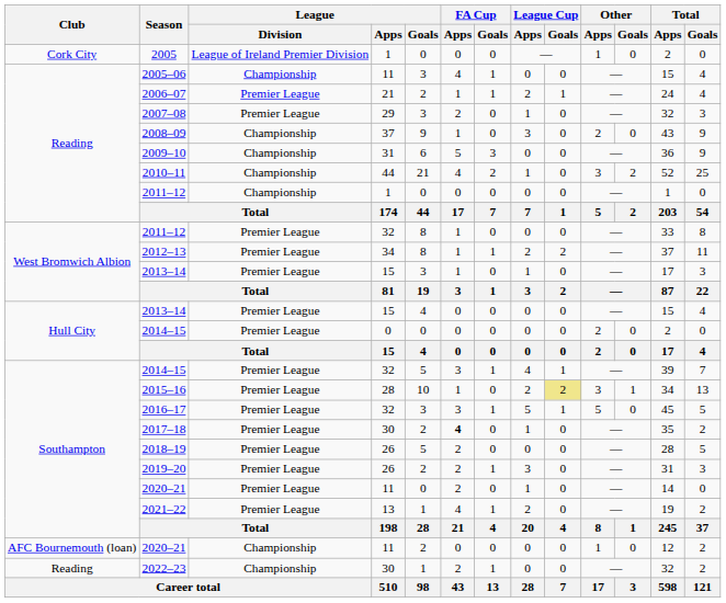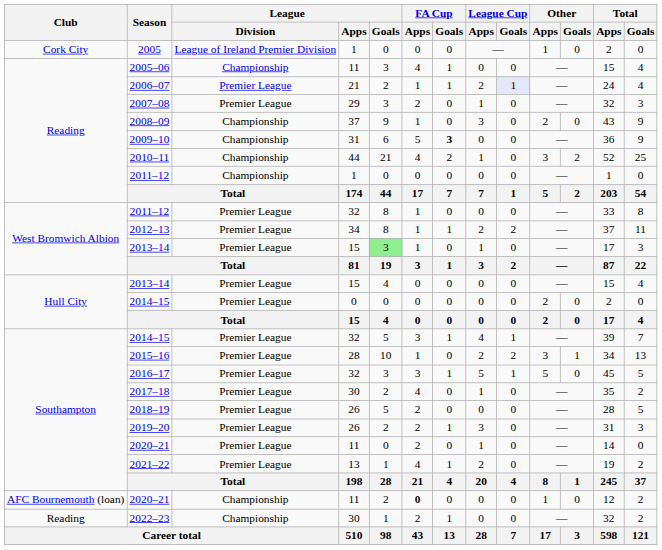 <table class="wikitable" style="text-align:center">
 <tr>
 <th rowspan="2">Club</th>
 <th rowspan="2">Season</th>
 <th colspan="3">League</th>
 <th colspan="2"><a href='#'>FA Cup</a></th>
 <th colspan="2"><a href='#'>League Cup</a></th>
 <th colspan="2">Other</th>
 <th colspan="2">Total</th>
 </tr>
 <tr>
 <th>Division</th>
 <th>Apps</th>
 <th>Goals</th>
 <th>Apps</th>
 <th>Goals</th>
 <th>Apps</th>
 <th>Goals</th>
 <th>Apps</th>
 <th>Goals</th>
 <th>Apps</th>
 <th>Goals</th>
 </tr>
 <tr>
 <td><a href='#'>Cork City</a></td>
 <td><a href='#'>2005</a></td>
 <td><a href='#'>League of Ireland Premier Division</a></td>
 <td>1</td>
 <td>0</td>
 <td>0</td>
 <td>0</td>
 <td colspan="2">—</td>
 <td>1</td>
 <td>0</td>
 <td>2</td>
 <td>0</td>
 </tr>
 <tr>
 <td rowspan="8"><a href='#'>Reading</a></td>
 <td><a href='#'>2005–06</a></td>
 <td><a href='#'>Championship</a></td>
 <td>11</td>
 <td>3</td>
 <td>4</td>
 <td>1</td>
 <td>0</td>
 <td>0</td>
 <td colspan="2">—</td>
 <td>15</td>
 <td>4</td>
 </tr>
 <tr>
 <td><a href='#'>2006–07</a></td>
 <td><a href='#'>Premier League</a></td>
 <td>21</td>
 <td>2</td>
 <td>1</td>
 <td>1</td>
 <td>2</td>
-<td>1</td>
+<td style="background: lavender;">1</td>
 <td colspan="2">—</td>
 <td>24</td>
 <td>4</td>
 </tr>
 <tr>
 <td><a href='#'>2007–08</a></td>
 <td>Premier League</td>
 <td>29</td>
 <td>3</td>
 <td>2</td>
 <td>0</td>
 <td>1</td>
 <td>0</td>
 <td colspan="2">—</td>
 <td>32</td>
 <td>3</td>
 </tr>
 <tr>
 <td><a href='#'>2008–09</a></td>
 <td>Championship</td>
 <td>37</td>
 <td>9</td>
 <td>1</td>
 <td>0</td>
 <td>3</td>
 <td>0</td>
 <td>2</td>
 <td>0</td>
 <td>43</td>
 <td>9</td>
 </tr>
 <tr>
 <td><a href='#'>2009–10</a></td>
 <td>Championship</td>
 <td>31</td>
 <td>6</td>
 <td>5</td>
-<td>3</td>
+<td><strong>3</strong></td>
 <td>0</td>
 <td>0</td>
 <td colspan="2">—</td>
 <td>36</td>
 <td>9</td>
 </tr>
 <tr>
 <td><a href='#'>2010–11</a></td>
 <td>Championship</td>
 <td>44</td>
 <td>21</td>
 <td>4</td>
 <td>2</td>
 <td>1</td>
 <td>0</td>
 <td>3</td>
 <td>2</td>
 <td>52</td>
 <td>25</td>
 </tr>
 <tr>
 <td><a href='#'>2011–12</a></td>
 <td>Championship</td>
 <td>1</td>
 <td>0</td>
 <td>0</td>
 <td>0</td>
 <td>0</td>
 <td>0</td>
 <td colspan="2">—</td>
 <td>1</td>
 <td>0</td>
 </tr>
 <tr>
 <th colspan="2">Total</th>
 <th>174</th>
 <th>44</th>
 <th>17</th>
 <th>7</th>
 <th>7</th>
 <th>1</th>
 <th>5</th>
 <th>2</th>
 <th>203</th>
 <th>54</th>
 </tr>
 <tr>
 <td rowspan="4"><a href='#'>West Bromwich Albion</a></td>
 <td><a href='#'>2011–12</a></td>
 <td>Premier League</td>
 <td>32</td>
 <td>8</td>
 <td>1</td>
 <td>0</td>
 <td>0</td>
 <td>0</td>
 <td colspan="2">—</td>
 <td>33</td>
 <td>8</td>
 </tr>
 <tr>
 <td><a href='#'>2012–13</a></td>
 <td>Premier League</td>
 <td>34</td>
 <td>8</td>
 <td>1</td>
 <td>1</td>
 <td>2</td>
 <td>2</td>
 <td colspan="2">—</td>
 <td>37</td>
 <td>11</td>
 </tr>
 <tr>
 <td><a href='#'>2013–14</a></td>
 <td>Premier League</td>
 <td>15</td>
-<td>3</td>
+<td style="background: lightgreen;">3</td>
 <td>1</td>
 <td>0</td>
 <td>1</td>
 <td>0</td>
 <td colspan="2">—</td>
 <td>17</td>
 <td>3</td>
 </tr>
 <tr>
 <th colspan="2">Total</th>
 <th>81</th>
 <th>19</th>
 <th>3</th>
 <th>1</th>
 <th>3</th>
 <th>2</th>
 <th colspan="2">—</th>
 <th>87</th>
 <th>22</th>
 </tr>
 <tr>
 <td rowspan="3"><a href='#'>Hull City</a></td>
 <td><a href='#'>2013–14</a></td>
 <td>Premier League</td>
 <td>15</td>
 <td>4</td>
 <td>0</td>
 <td>0</td>
 <td>0</td>
 <td>0</td>
 <td colspan="2">—</td>
 <td>15</td>
 <td>4</td>
 </tr>
 <tr>
 <td><a href='#'>2014–15</a></td>
 <td>Premier League</td>
 <td>0</td>
 <td>0</td>
 <td>0</td>
 <td>0</td>
 <td>0</td>
 <td>0</td>
 <td>2</td>
 <td>0</td>
 <td>2</td>
 <td>0</td>
 </tr>
 <tr>
 <th colspan=2>Total</th>
 <th>15</th>
 <th>4</th>
 <th>0</th>
 <th>0</th>
 <th>0</th>
 <th>0</th>
 <th>2</th>
 <th>0</th>
 <th>17</th>
 <th>4</th>
 </tr>
 <tr>
 <td rowspan=9><a href='#'>Southampton</a></td>
 <td><a href='#'>2014–15</a></td>
 <td>Premier League</td>
 <td>32</td>
 <td>5</td>
 <td>3</td>
 <td>1</td>
 <td>4</td>
 <td>1</td>
 <td colspan= 2>—</td>
 <td>39</td>
 <td>7</td>
 </tr>
 <tr>
 <td><a href='#'>2015–16</a></td>
 <td>Premier League</td>
 <td>28</td>
 <td>10</td>
 <td>1</td>
 <td>0</td>
 <td>2</td>
-<td style="background: khaki;">2</td>
+<td>2</td>
 <td>3</td>
 <td>1</td>
 <td>34</td>
 <td>13</td>
 </tr>
 <tr>
 <td><a href='#'>2016–17</a></td>
 <td>Premier League</td>
 <td>32</td>
 <td>3</td>
 <td>3</td>
 <td>1</td>
 <td>5</td>
 <td>1</td>
 <td>5</td>
 <td>0</td>
 <td>45</td>
 <td>5</td>
 </tr>
 <tr>
 <td><a href='#'>2017–18</a></td>
 <td>Premier League</td>
 <td>30</td>
 <td>2</td>
-<td><strong>4</strong></td>
+<td>4</td>
 <td>0</td>
 <td>1</td>
 <td>0</td>
 <td colspan=2>—</td>
 <td>35</td>
 <td>2</td>
 </tr>
 <tr>
 <td><a href='#'>2018–19</a></td>
 <td>Premier League</td>
 <td>26</td>
 <td>5</td>
 <td>2</td>
 <td>0</td>
 <td>0</td>
 <td>0</td>
 <td colspan=2>—</td>
 <td>28</td>
 <td>5</td>
 </tr>
 <tr>
 <td><a href='#'>2019–20</a></td>
 <td>Premier League</td>
 <td>26</td>
 <td>2</td>
 <td>2</td>
 <td>1</td>
 <td>3</td>
 <td>0</td>
 <td colspan=2>—</td>
 <td>31</td>
 <td>3</td>
 </tr>
 <tr>
 <td><a href='#'>2020–21</a></td>
 <td>Premier League</td>
 <td>11</td>
 <td>0</td>
 <td>2</td>
 <td>0</td>
 <td>1</td>
 <td>0</td>
 <td colspan=2>—</td>
 <td>14</td>
 <td>0</td>
 </tr>
 <tr>
 <td><a href='#'>2021–22</a></td>
 <td>Premier League</td>
 <td>13</td>
 <td>1</td>
 <td>4</td>
 <td>1</td>
 <td>2</td>
 <td>0</td>
 <td colspan=2>—</td>
 <td>19</td>
 <td>2</td>
 </tr>
 <tr>
 <th colspan=2>Total</th>
 <th>198</th>
 <th>28</th>
 <th>21</th>
 <th>4</th>
 <th>20</th>
 <th>4</th>
 <th>8</th>
 <th>1</th>
 <th>245</th>
 <th>37</th>
 </tr>
 <tr>
 <td><a href='#'>AFC Bournemouth</a> (loan)</td>
 <td><a href='#'>2020–21</a></td>
 <td>Championship</td>
 <td>11</td>
 <td>2</td>
-<td>0</td>
+<td><strong>0</strong></td>
 <td>0</td>
 <td>0</td>
 <td>0</td>
 <td>1</td>
 <td>0</td>
 <td>12</td>
 <td>2</td>
 </tr>
 <tr>
 <td>Reading</td>
 <td><a href='#'>2022–23</a></td>
 <td>Championship</td>
 <td>30</td>
 <td>1</td>
 <td>2</td>
 <td>1</td>
 <td>0</td>
 <td>0</td>
 <td colspan=2>—</td>
 <td>32</td>
 <td>2</td>
 </tr>
 <tr>
 <th colspan=3>Career total</th>
 <th>510</th>
 <th>98</th>
 <th>43</th>
 <th>13</th>
 <th>28</th>
 <th>7</th>
 <th>17</th>
 <th>3</th>
 <th>598</th>
 <th>121</th>
 </tr>
 </table>
